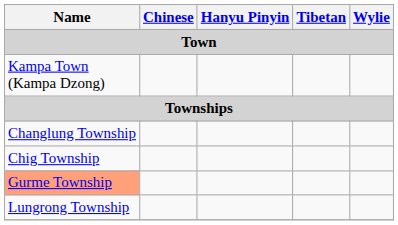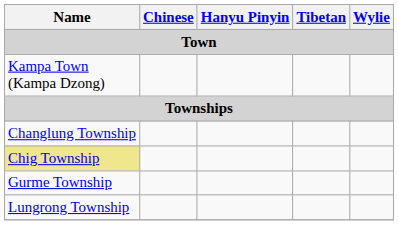 <table class="wikitable"  style="font-size:90%;" align=center>
 <tr>
 <th>Name</th>
 <th><a href='#'>Chinese</a></th>
 <th><a href='#'>Hanyu Pinyin</a></th>
 <th><a href='#'>Tibetan</a></th>
 <th><a href='#'>Wylie</a></th>
 </tr>
 <tr --------->
 <td colspan="7"  style="text-align:center; background:#d3d3d3;"><strong>Town</strong></td>
 </tr>
 <tr --------->
 <td><a href='#'>Kampa Town</a><br>(Kampa Dzong)</td>
 <td></td>
 <td></td>
 <td></td>
 <td></td>
 </tr>
 <tr --------->
 <td colspan="7"  style="text-align:center; background:#d3d3d3;"><strong>Townships</strong></td>
 </tr>
 <tr --------->
 <td><a href='#'>Changlung Township</a></td>
 <td></td>
 <td></td>
 <td></td>
 <td></td>
 </tr>
 <tr>
-<td><a href='#'>Chig Township</a></td>
+<td style="background: khaki;"><a href='#'>Chig Township</a></td>
 <td></td>
 <td></td>
 <td></td>
 <td></td>
 </tr>
 <tr>
-<td style="background: lightsalmon;"><a href='#'>Gurme Township</a></td>
+<td><a href='#'>Gurme Township</a></td>
 <td></td>
 <td></td>
 <td></td>
 <td></td>
 </tr>
 <tr>
 <td><a href='#'>Lungrong Township</a></td>
 <td></td>
 <td></td>
 <td></td>
 <td></td>
 </tr>
 <tr>
 </tr>
 </table>
